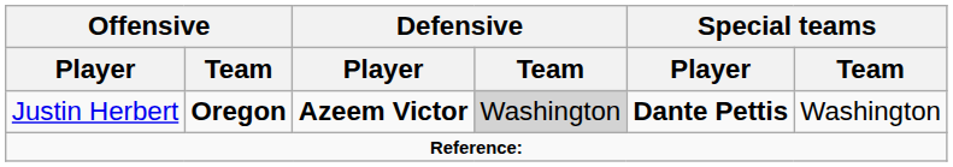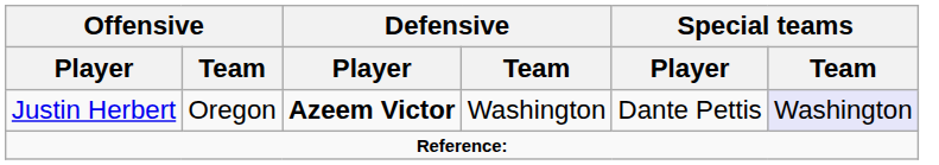 <table class="wikitable">
 <tr>
 <th colspan="2">Offensive</th>
 <th colspan="2">Defensive</th>
 <th colspan="2">Special teams</th>
 </tr>
 <tr>
 <th>Player</th>
 <th>Team</th>
 <th>Player</th>
 <th>Team</th>
 <th>Player</th>
 <th>Team</th>
 </tr>
 <tr>
 <td><a href='#'>Justin Herbert</a></td>
-<td><strong>Oregon</strong></td>
+<td>Oregon</td>
 <td><strong>Azeem Victor</strong></td>
-<td style="background: lightgrey;">Washington</td>
-<td><strong>Dante Pettis</strong></td>
 <td>Washington</td>
+<td>Dante Pettis</td>
+<td style="background: lavender;">Washington</td>
 </tr>
 <tr>
 <td colspan="12"  style="font-size:8pt; text-align:center;"><strong>Reference:</strong></td>
 </tr>
 </table>
